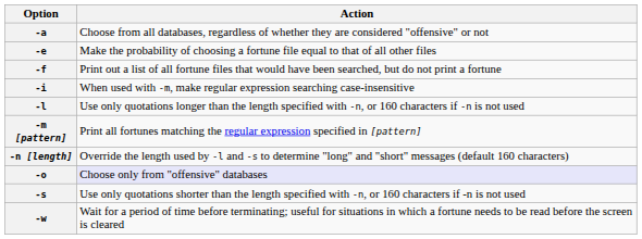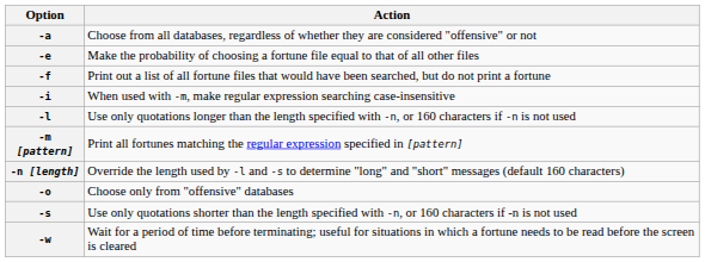 <table class="wikitable">
 <tr>
 <th>Option</th>
 <th>Action</th>
 </tr>
 <tr>
 <th><code>-a</code></th>
 <td>Choose from all databases, regardless of whether they are considered "offensive" or not</td>
 </tr>
 <tr>
 <th><code>-e</code></th>
 <td>Make the probability of choosing a fortune file equal to that of all other files</td>
 </tr>
 <tr>
 <th><code>-f</code></th>
 <td>Print out a list of all fortune files that would have been searched, but do not print a fortune</td>
 </tr>
 <tr>
 <th><code>-i</code></th>
 <td>When used with <code>-m</code>, make regular expression searching case-insensitive</td>
 </tr>
 <tr>
 <th><code>-l</code></th>
 <td>Use only quotations longer than the length specified with <code>-n</code>, or 160 characters if <code>-n</code> is not used</td>
 </tr>
 <tr>
 <th><code>-m <em>[pattern]</em></code></th>
 <td>Print all fortunes matching the <a href='#'>regular expression</a> specified in <code><em>[pattern]</em></code></td>
 </tr>
 <tr>
 <th><code>-n <em>[length]</em></code></th>
 <td>Override the length used by <code>-l</code> and <code>-s</code> to determine "long" and "short" messages (default 160 characters)</td>
 </tr>
 <tr>
 <th><code>-o</code></th>
-<td style="background: lavender;">Choose only from "offensive" databases</td>
+<td>Choose only from "offensive" databases</td>
 </tr>
 <tr>
 <th><code>-s</code></th>
 <td>Use only quotations shorter than the length specified with <code>-n</code>, or 160 characters if -n is not used</td>
 </tr>
 <tr>
 <th><code>-w</code></th>
 <td>Wait for a period of time before terminating; useful for situations in which a fortune needs to be read before the screen is cleared</td>
 </tr>
 </table>
